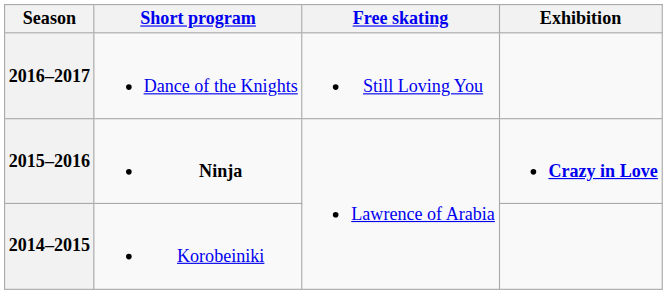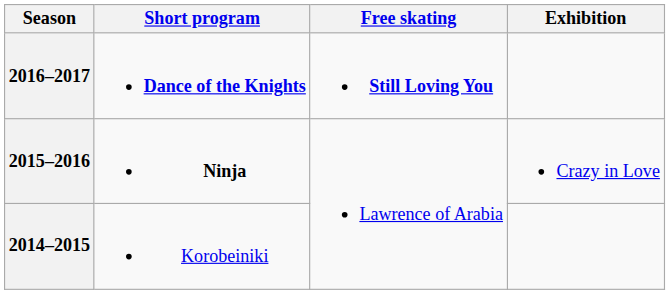 <table class=wikitable style=text-align:center>
 <tr>
 <th>Season</th>
 <th><a href='#'>Short program</a></th>
 <th><a href='#'>Free skating</a></th>
 <th>Exhibition</th>
 </tr>
 <tr>
 <th>2016–2017 <br> </th>
-<td><br><ul><li><a href='#'>Dance of the Knights</a> <br></li></ul></td>
-<td><br><ul><li><a href='#'>Still Loving You</a> <br></li></ul></td>
+<td><strong><br><ul><li><a href='#'>Dance of the Knights</a> <br></li></ul></strong></td>
+<td><strong><br><ul><li><a href='#'>Still Loving You</a> <br></li></ul></strong></td>
 <td></td>
 </tr>
 <tr>
 <th>2015–2016 <br> </th>
 <td><strong><br><ul><li>Ninja <br></li></ul></strong></td>
 <td rowspan=2><br><ul><li><a href='#'>Lawrence of Arabia</a> <br></li></ul></td>
-<td><strong><br><ul><li><a href='#'>Crazy in Love</a> <br></li></ul></strong></td>
+<td><br><ul><li><a href='#'>Crazy in Love</a> <br></li></ul></td>
 </tr>
 <tr>
 <th>2014–2015</th>
 <td><br><ul><li><a href='#'>Korobeiniki</a></li></ul></td>
 <td></td>
 </tr>
 </table>
